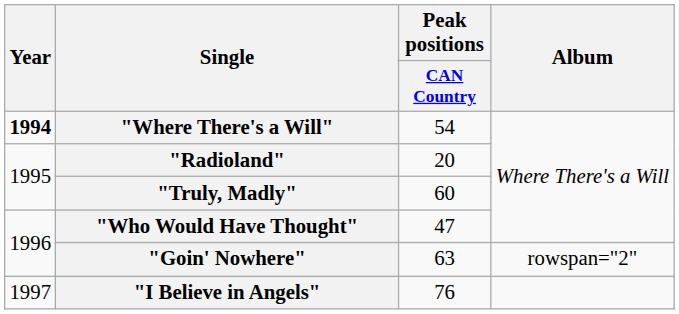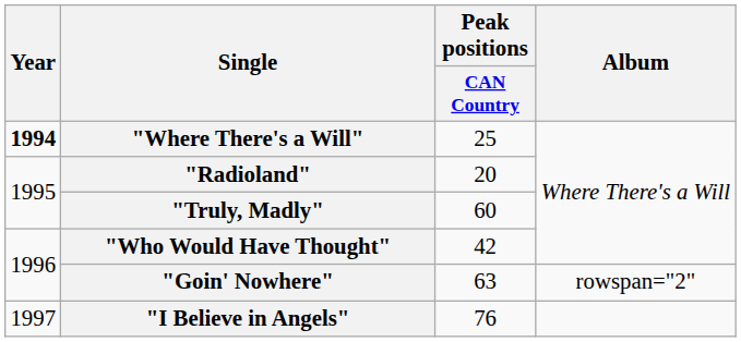 <table class="wikitable plainrowheaders" style="text-align:center;">
 <tr>
 <th rowspan="2">Year</th>
 <th rowspan="2" style="width:16em;">Single</th>
 <th colspan="1">Peak positions</th>
 <th rowspan="2">Album</th>
 </tr>
 <tr style="font-size:smaller;">
 <th width="65"><a href='#'>CAN Country</a></th>
 </tr>
 <tr>
 <td><strong>1994</strong></td>
 <th scope="row">"Where There's a Will"</th>
-<td>54</td>
+<td>25</td>
 <td align="left" rowspan="4"><em>Where There's a Will</em></td>
 </tr>
 <tr>
 <td rowspan="2">1995</td>
 <th scope="row">"Radioland"</th>
 <td>20</td>
 </tr>
 <tr>
 <th scope="row">"Truly, Madly"</th>
 <td>60</td>
 </tr>
 <tr>
 <td rowspan="2">1996</td>
 <th scope="row">"Who Would Have Thought"</th>
-<td>47</td>
+<td>42</td>
 </tr>
 <tr>
 <th scope="row">"Goin' Nowhere"</th>
 <td>63</td>
 <td>rowspan="2" </td>
 </tr>
 <tr>
 <td>1997</td>
 <th scope="row">"I Believe in Angels"</th>
 <td>76</td>
 </tr>
 </table>
